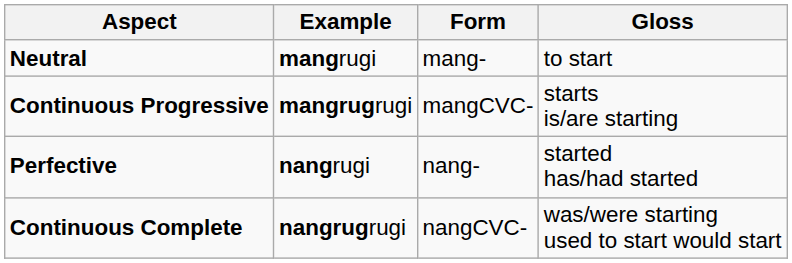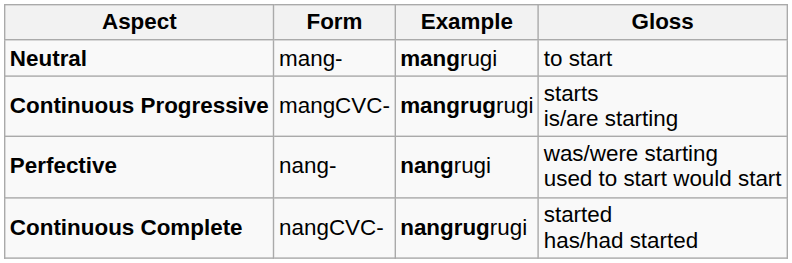 <table class="wikitable" align="center">
 <tr>
 <th>Aspect</th>
+<th>Form</th>
 <th>Example</th>
-<th>Form</th>
 <th>Gloss</th>
 </tr>
 <tr>
 <td><strong>Neutral</strong></td>
+<td>mang-</td>
 <td><strong>mang</strong>rugi</td>
-<td>mang-</td>
 <td>to start</td>
 </tr>
 <tr>
 <td><strong>Continuous Progressive</strong></td>
+<td>mangCVC-</td>
 <td><strong>mangrug</strong>rugi</td>
-<td>mangCVC-</td>
 <td>starts<br>is/are starting</td>
 </tr>
 <tr>
 <td><strong>Perfective</strong></td>
+<td>nang-</td>
 <td><strong>nang</strong>rugi</td>
-<td>nang-</td>
-<td>started<br>has/had started</td>
+<td>was/were starting<br>used to start would start</td>
 </tr>
 <tr>
 <td><strong>Continuous Complete</strong></td>
+<td>nangCVC-</td>
 <td><strong>nangrug</strong>rugi</td>
-<td>nangCVC-</td>
-<td>was/were starting<br>used to start would start</td>
+<td>started<br>has/had started</td>
 </tr>
 </table>
